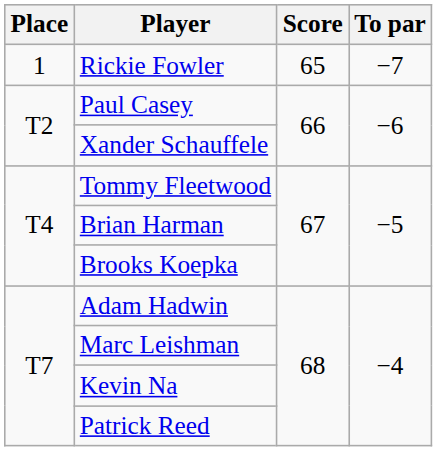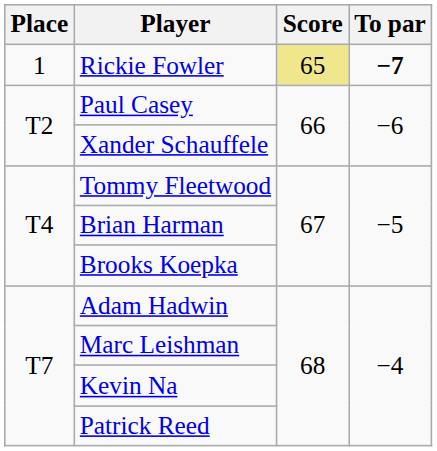 <table class="wikitable">
 <tr>
 <th>Place</th>
 <th>Player</th>
 <th>Score</th>
 <th>To par</th>
 </tr>
 <tr>
 <td align=center>1</td>
 <td> <a href='#'>Rickie Fowler</a></td>
-<td align=center>65</td>
-<td align=center>−7</td>
+<td align=center style="background: khaki;">65</td>
+<td align=center><strong>−7</strong></td>
 </tr>
 <tr>
 <td rowspan=2 align=center>T2</td>
 <td> <a href='#'>Paul Casey</a></td>
 <td rowspan=2 align=center>66</td>
 <td rowspan=2 align=center>−6</td>
 </tr>
 <tr>
 <td> <a href='#'>Xander Schauffele</a></td>
 </tr>
 <tr>
 <td rowspan=3 align=center>T4</td>
 <td> <a href='#'>Tommy Fleetwood</a></td>
 <td rowspan=3 align=center>67</td>
 <td rowspan=3 align=center>−5</td>
 </tr>
 <tr>
 <td> <a href='#'>Brian Harman</a></td>
 </tr>
 <tr>
 <td> <a href='#'>Brooks Koepka</a></td>
 </tr>
 <tr>
 <td rowspan=4 align=center>T7</td>
 <td> <a href='#'>Adam Hadwin</a></td>
 <td rowspan=4 align=center>68</td>
 <td rowspan=4 align=center>−4</td>
 </tr>
 <tr>
 <td> <a href='#'>Marc Leishman</a></td>
 </tr>
 <tr>
 <td> <a href='#'>Kevin Na</a></td>
 </tr>
 <tr>
 <td> <a href='#'>Patrick Reed</a></td>
 </tr>
 </table>
